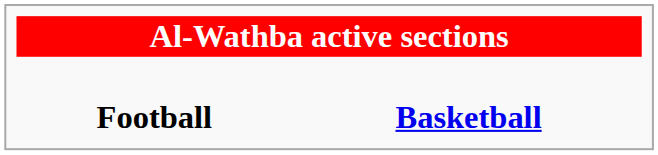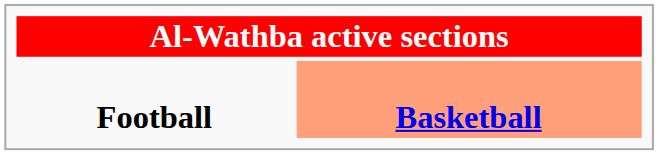 <table class="infobox" style="width: 20em; font-size: 95%em;">
 <tr style="color:white; background:#FF0000; text-align:center;">
 <th colspan="3">Al-Wathba active sections</th>
 </tr>
 <tr style="text-align: center">
 <td><br><strong>Football</strong></td>
-<td><br><strong><a href='#'>Basketball</a></strong></td>
+<td style="background: lightsalmon;"><br><strong><a href='#'>Basketball</a></strong></td>
 </tr>
 </table>
